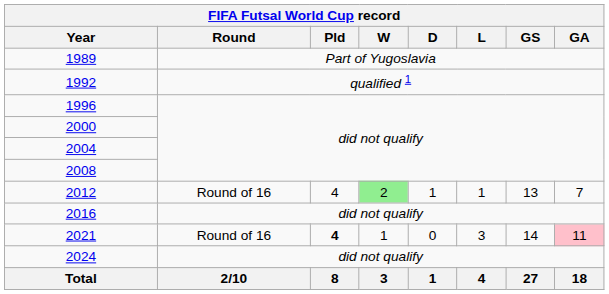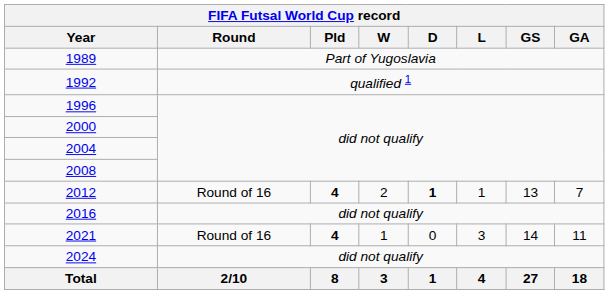 <table class="wikitable" width=50% style="text-align: center;font-size:90%;">
 <tr>
 <th colspan=8><a href='#'>FIFA Futsal World Cup</a> record</th>
 </tr>
 <tr>
 <th width=25%>Year</th>
 <th width=25%>Round</th>
 <th width=8%>Pld</th>
 <th width=8%>W</th>
 <th width=8%>D</th>
 <th width=8%>L</th>
 <th width=8%>GS</th>
 <th width=8%>GA</th>
 </tr>
 <tr>
 <td> <a href='#'>1989</a></td>
 <td colspan="8"><em>Part of Yugoslavia</em></td>
 </tr>
 <tr>
 <td> <a href='#'>1992</a></td>
 <td colspan="8"><em>qualified</em> <sup><a href='#'>1</a></sup></td>
 </tr>
 <tr>
 <td> <a href='#'>1996</a></td>
 <td colspan="8" rowspan="4"><em>did not qualify</em></td>
 </tr>
 <tr>
 <td> <a href='#'>2000</a></td>
 </tr>
 <tr>
 <td> <a href='#'>2004</a></td>
 </tr>
 <tr>
 <td> <a href='#'>2008</a></td>
 </tr>
 <tr>
 <td> <a href='#'>2012</a></td>
 <td>Round of 16</td>
-<td>4</td>
-<td style="background: lightgreen;">2</td>
-<td>1</td>
+<td><strong>4</strong></td>
+<td>2</td>
+<td><strong>1</strong></td>
 <td>1</td>
 <td>13</td>
 <td>7</td>
 </tr>
 <tr>
 <td> <a href='#'>2016</a></td>
 <td colspan="8"><em>did not qualify</em></td>
 </tr>
 <tr>
 <td> <a href='#'>2021</a></td>
 <td>Round of 16</td>
 <td><strong>4</strong></td>
 <td>1</td>
 <td>0</td>
 <td>3</td>
 <td>14</td>
-<td style="background: pink;">11</td>
+<td>11</td>
 </tr>
 <tr>
 <td> <a href='#'>2024</a></td>
 <td colspan="8"><em>did not qualify</em></td>
 </tr>
 <tr>
 <th><strong>Total</strong></th>
 <th>2/10</th>
 <th>8</th>
 <th>3</th>
 <th>1</th>
 <th>4</th>
 <th>27</th>
 <th>18</th>
 </tr>
 </table>
